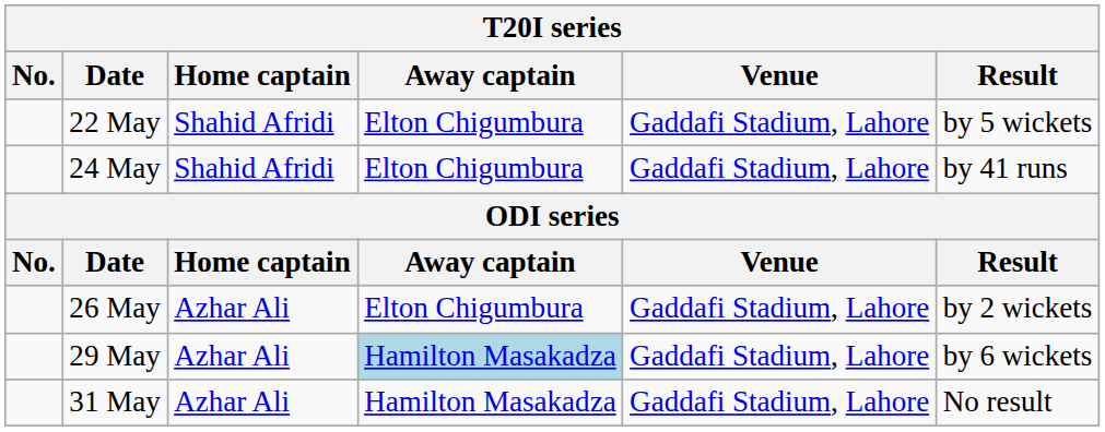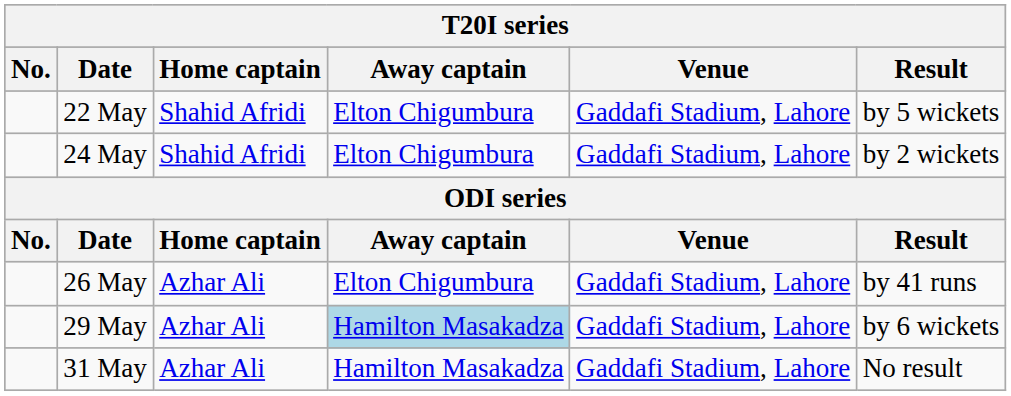 <table class="wikitable">
 <tr>
 <th colspan="9">T20I series</th>
 </tr>
 <tr>
 <th>No.</th>
 <th>Date</th>
 <th>Home captain</th>
 <th>Away captain</th>
 <th>Venue</th>
 <th>Result</th>
 </tr>
 <tr>
 <td></td>
 <td>22 May</td>
 <td><a href='#'>Shahid Afridi</a></td>
 <td><a href='#'>Elton Chigumbura</a></td>
 <td><a href='#'>Gaddafi Stadium</a>, <a href='#'>Lahore</a></td>
 <td> by 5 wickets</td>
 </tr>
 <tr>
 <td></td>
 <td>24 May</td>
 <td><a href='#'>Shahid Afridi</a></td>
 <td><a href='#'>Elton Chigumbura</a></td>
 <td><a href='#'>Gaddafi Stadium</a>, <a href='#'>Lahore</a></td>
-<td> by 41 runs</td>
+<td> by 2 wickets</td>
 </tr>
 <tr>
 <th colspan="9">ODI series</th>
 </tr>
 <tr>
 <th>No.</th>
 <th>Date</th>
 <th>Home captain</th>
 <th>Away captain</th>
 <th>Venue</th>
 <th>Result</th>
 </tr>
 <tr>
 <td></td>
 <td>26 May</td>
 <td><a href='#'>Azhar Ali</a></td>
 <td><a href='#'>Elton Chigumbura</a></td>
 <td><a href='#'>Gaddafi Stadium</a>, <a href='#'>Lahore</a></td>
-<td> by 2 wickets</td>
+<td> by 41 runs</td>
 </tr>
 <tr>
 <td></td>
 <td>29 May</td>
 <td><a href='#'>Azhar Ali</a></td>
 <td style="background: lightblue;"><a href='#'>Hamilton Masakadza</a></td>
 <td><a href='#'>Gaddafi Stadium</a>, <a href='#'>Lahore</a></td>
 <td> by 6 wickets</td>
 </tr>
 <tr>
 <td></td>
 <td>31 May</td>
 <td><a href='#'>Azhar Ali</a></td>
 <td><a href='#'>Hamilton Masakadza</a></td>
 <td><a href='#'>Gaddafi Stadium</a>, <a href='#'>Lahore</a></td>
 <td>No result</td>
 </tr>
 </table>
